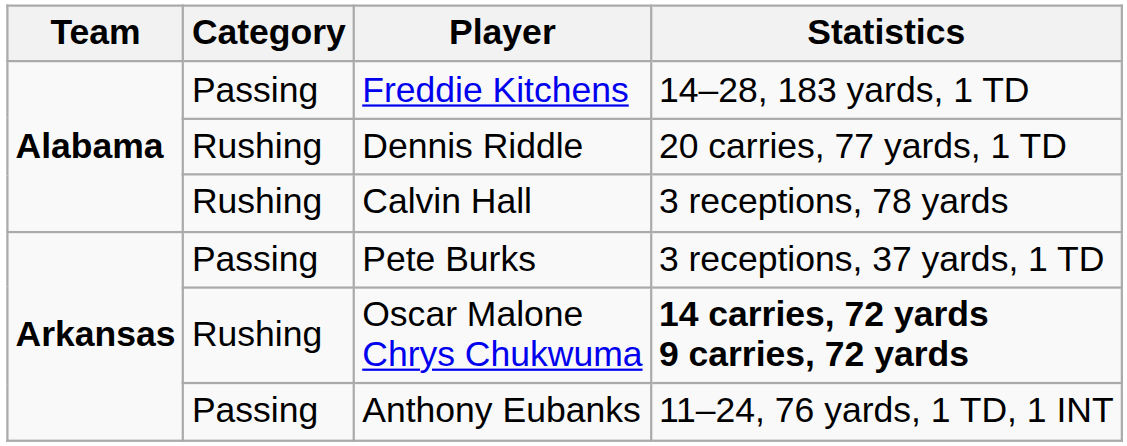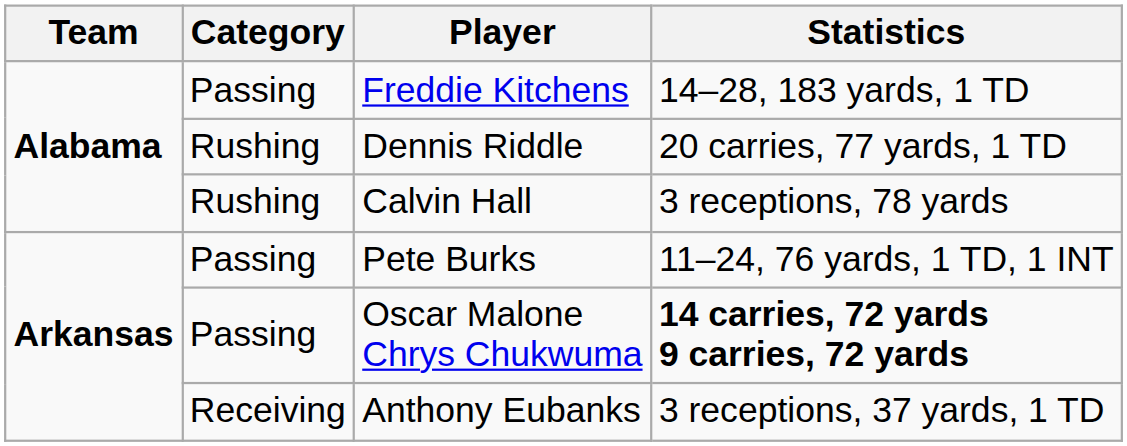 <table class="wikitable" style="float: right;">
 <tr>
 <th>Team</th>
 <th>Category</th>
 <th>Player</th>
 <th>Statistics</th>
 </tr>
 <tr>
 <td rowspan=3><strong>Alabama</strong></td>
 <td>Passing</td>
 <td><a href='#'>Freddie Kitchens</a></td>
 <td>14–28, 183 yards, 1 TD</td>
 </tr>
 <tr>
 <td>Rushing</td>
 <td>Dennis Riddle</td>
 <td>20 carries, 77 yards, 1 TD</td>
 </tr>
 <tr>
 <td>Rushing</td>
 <td>Calvin Hall</td>
 <td>3 receptions, 78 yards</td>
 </tr>
 <tr>
 <td rowspan=3><strong>Arkansas</strong></td>
 <td>Passing</td>
 <td>Pete Burks</td>
-<td>3 receptions, 37 yards, 1 TD</td>
+<td>11–24, 76 yards, 1 TD, 1 INT</td>
 </tr>
 <tr>
-<td>Rushing</td>
+<td>Passing</td>
 <td>Oscar Malone<br><a href='#'>Chrys Chukwuma</a></td>
 <td><strong>14 carries, 72 yards<br>9 carries, 72 yards</strong></td>
 </tr>
 <tr>
-<td>Passing</td>
+<td>Receiving</td>
 <td>Anthony Eubanks</td>
-<td>11–24, 76 yards, 1 TD, 1 INT</td>
+<td>3 receptions, 37 yards, 1 TD</td>
 </tr>
 </table>
